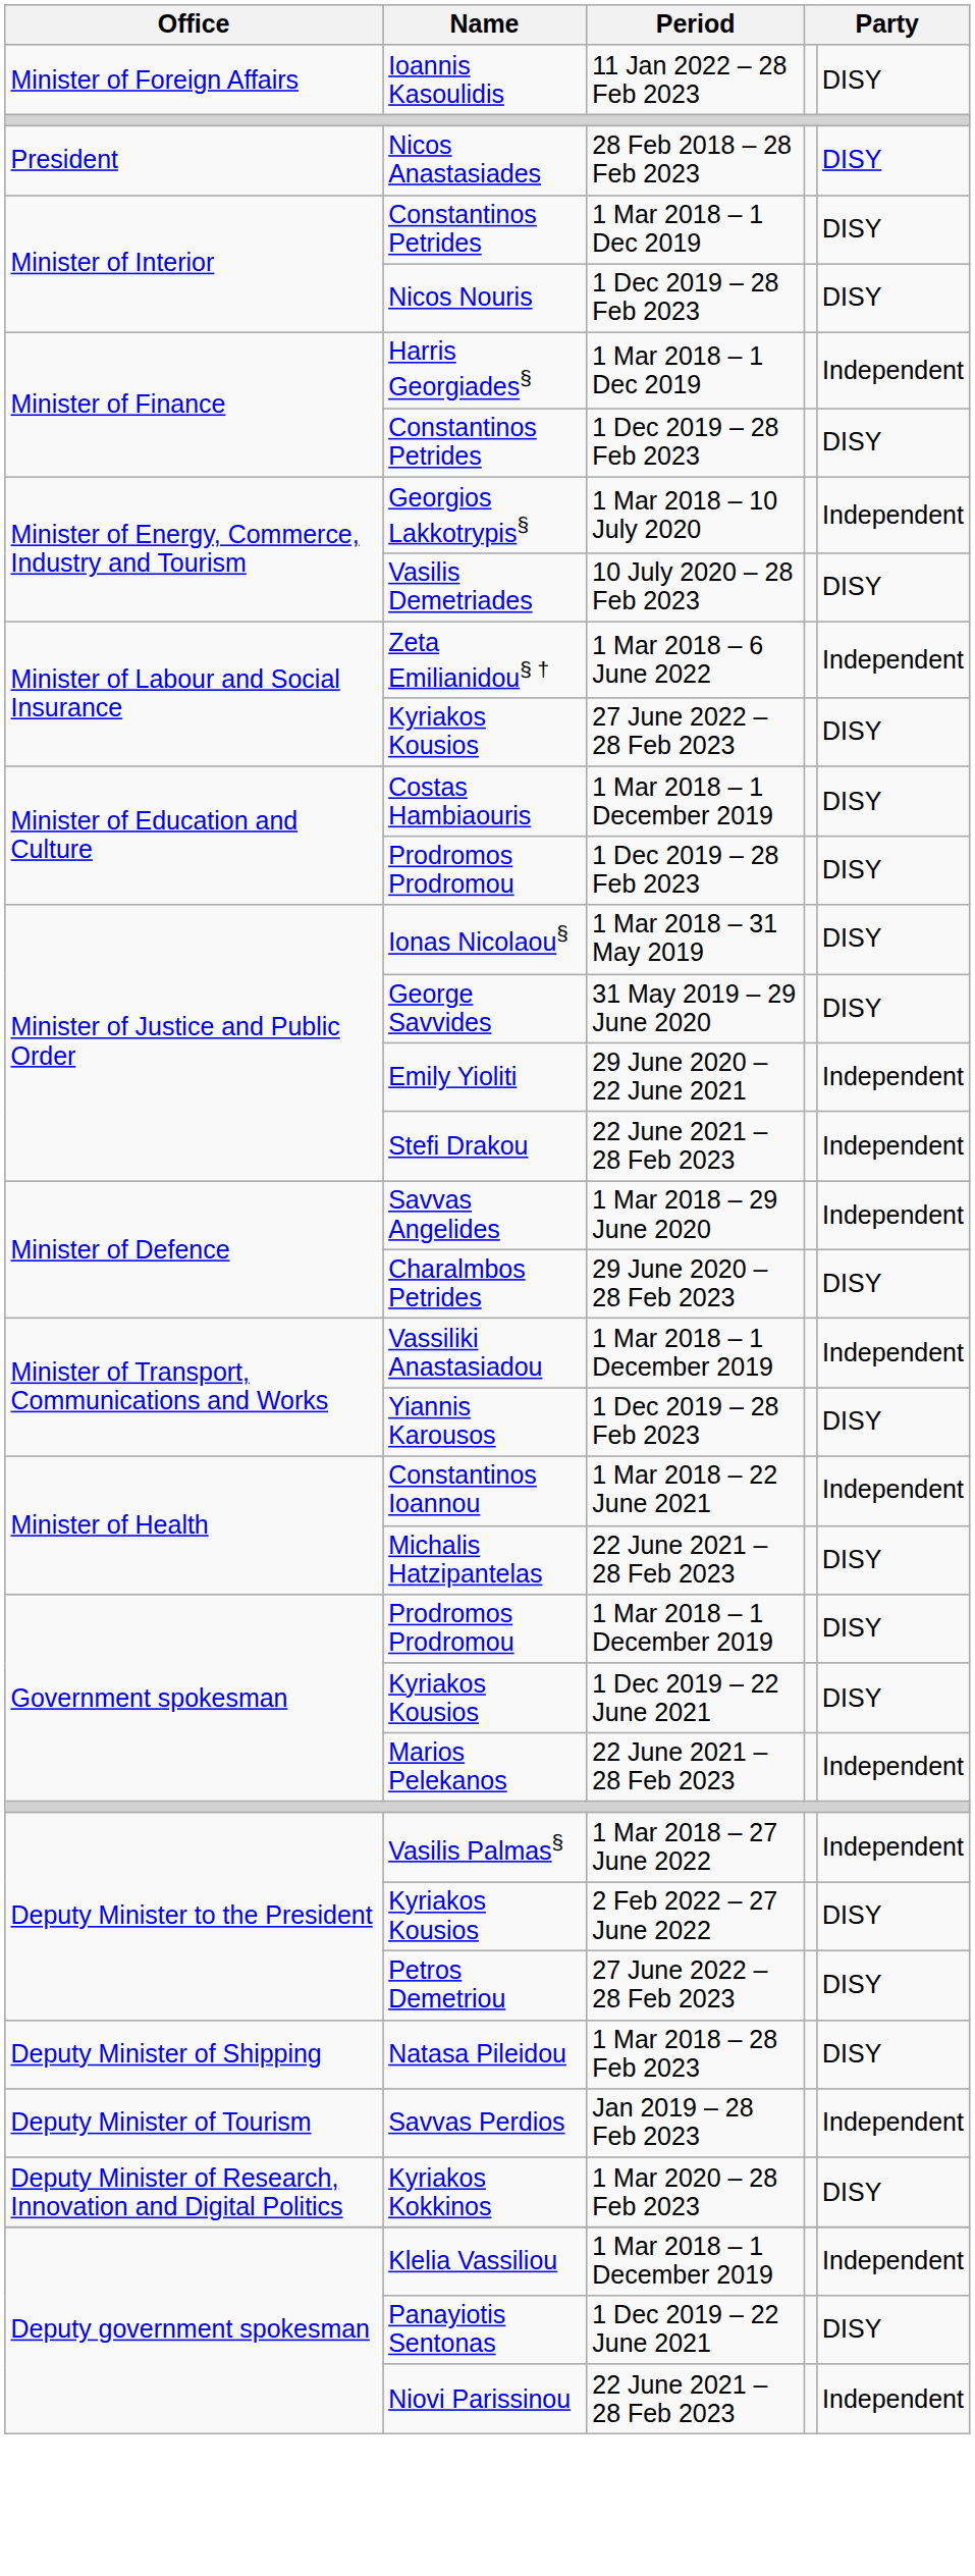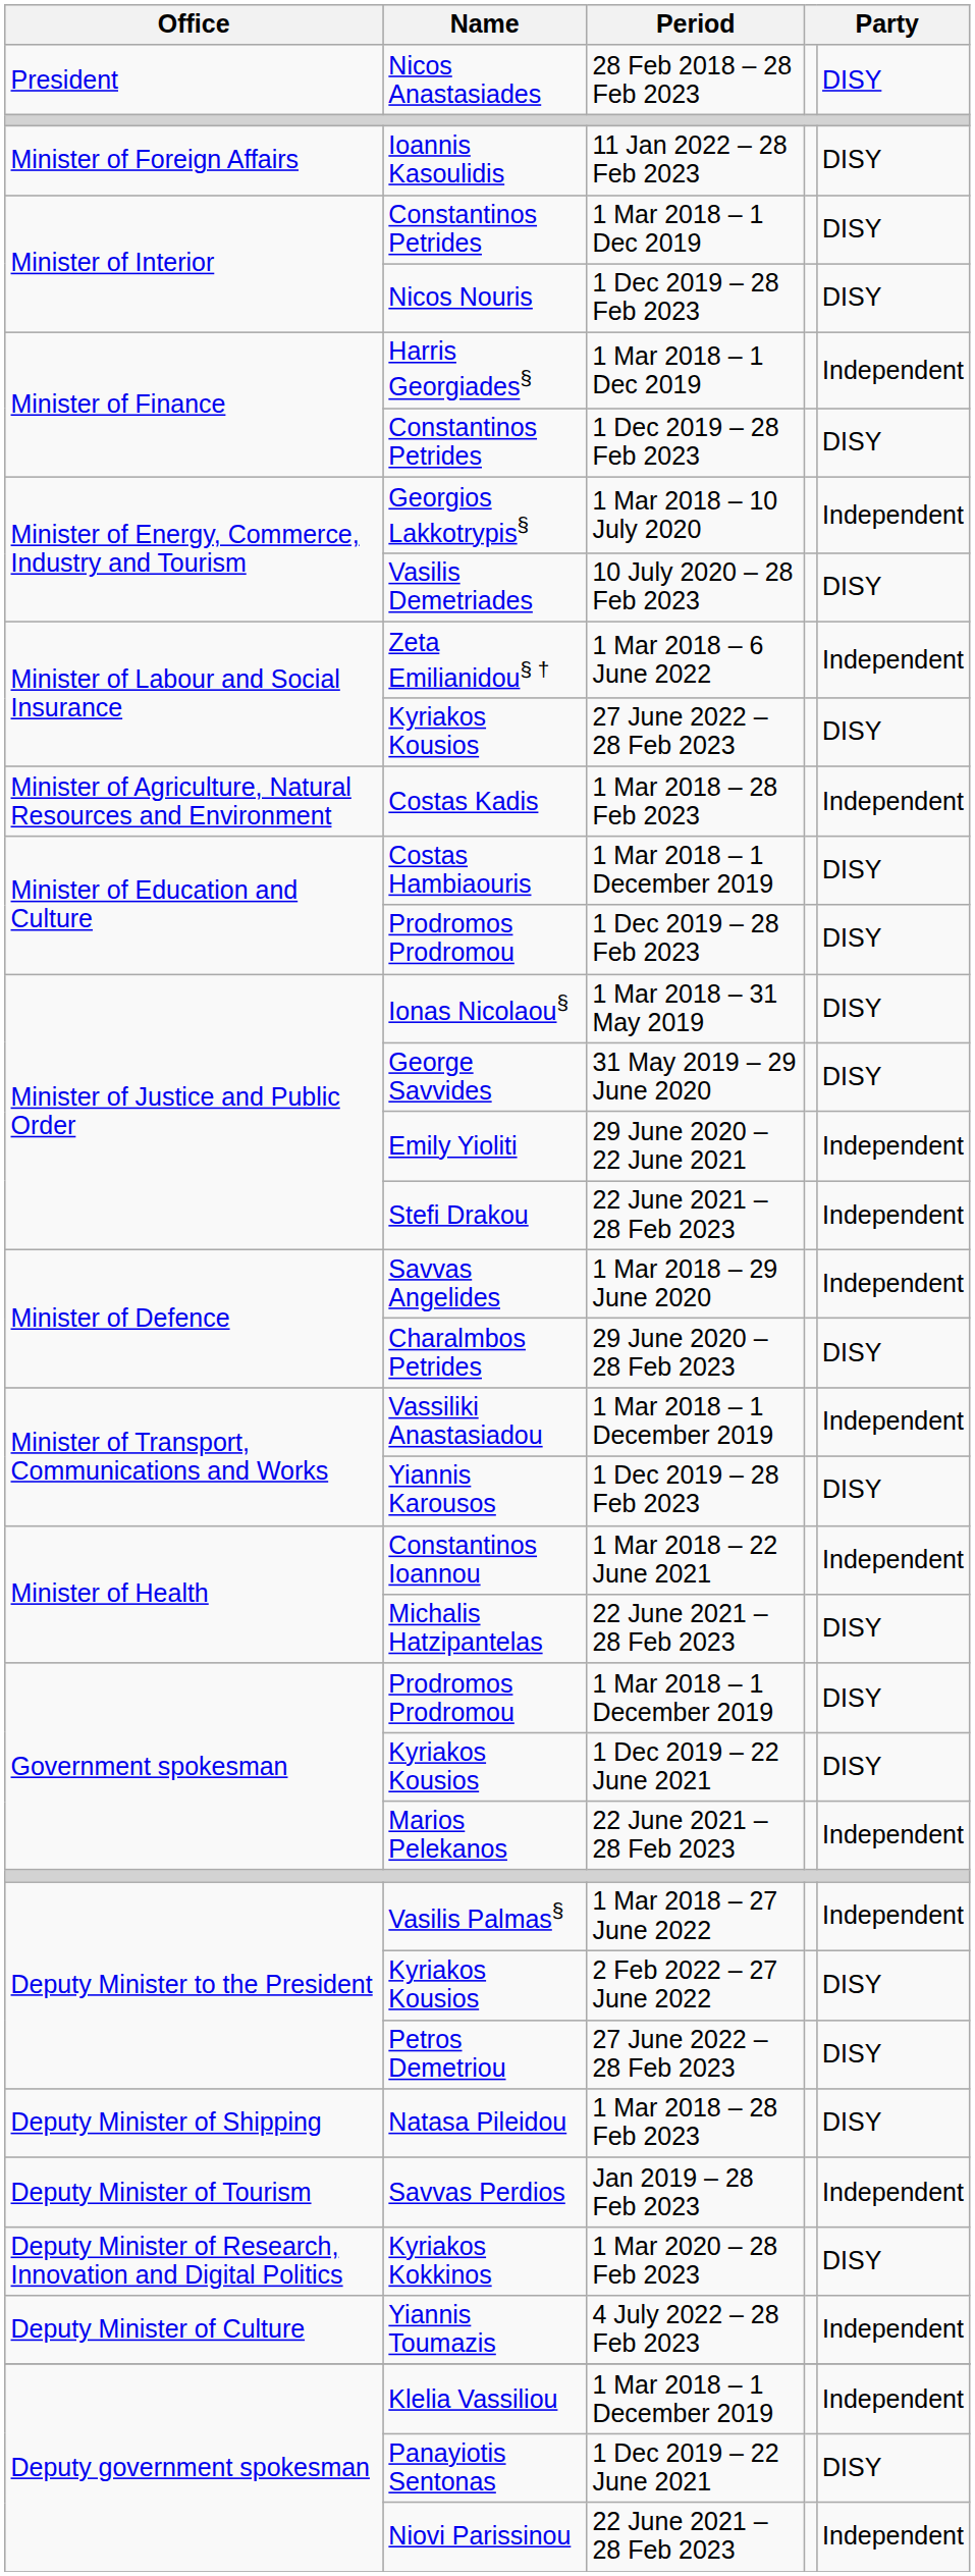 <table class="wikitable">
 <tr>
 <th>Office</th>
 <th>Name</th>
 <th>Period</th>
 <th colspan="2">Party</th>
 </tr>
 <tr>
+<td><a href='#'>President</a></td>
+<td><a href='#'>Nicos Anastasiades</a></td>
+<td>28 Feb 2018 – 28 Feb 2023</td>
+<td style="background-color: "></td>
+<td><a href='#'>DISY</a></td>
+</tr>
+<tr>
+<td colspan="5" style="background:lightgrey;"></td>
+</tr>
+<tr>
 <td><a href='#'>Minister of Foreign Affairs</a></td>
 <td><a href='#'>Ioannis Kasoulidis</a></td>
 <td>11 Jan 2022 – 28 Feb 2023</td>
 <td style="background-color: "></td>
 <td>DISY</td>
-</tr>
-<tr>
-<td colspan="5" style="background:lightgrey;"></td>
-</tr>
-<tr>
-<td><a href='#'>President</a></td>
-<td><a href='#'>Nicos Anastasiades</a></td>
-<td>28 Feb 2018 – 28 Feb 2023</td>
-<td style="background-color: "></td>
-<td><a href='#'>DISY</a></td>
 </tr>
 <tr>
 <td rowspan="2"><a href='#'>Minister of Interior</a></td>
 <td><a href='#'>Constantinos Petrides</a></td>
 <td>1 Mar 2018 – 1 Dec 2019</td>
 <td style="background-color: "></td>
 <td>DISY</td>
 </tr>
 <tr>
 <td><a href='#'>Nicos Nouris</a></td>
 <td>1 Dec 2019 – 28 Feb 2023</td>
 <td style="background-color: "></td>
 <td>DISY</td>
 </tr>
 <tr>
 <td rowspan="2"><a href='#'>Minister of Finance</a></td>
 <td><a href='#'>Harris Georgiades</a><sup>§</sup></td>
 <td>1 Mar 2018 – 1 Dec 2019</td>
 <td style="background-color: "></td>
 <td>Independent</td>
 </tr>
 <tr>
 <td><a href='#'>Constantinos Petrides</a></td>
 <td>1 Dec 2019 – 28 Feb 2023</td>
 <td style="background-color: "></td>
 <td>DISY</td>
 </tr>
 <tr>
 <td rowspan="2"><a href='#'>Minister of Energy, Commerce, Industry and Tourism</a></td>
 <td><a href='#'>Georgios Lakkotrypis</a><sup>§</sup></td>
 <td>1 Mar 2018 – 10 July 2020</td>
 <td style="background-color:"></td>
 <td>Independent</td>
 </tr>
 <tr>
 <td><a href='#'>Vasilis Demetriades</a></td>
 <td>10 July 2020 – 28 Feb 2023</td>
 <td style="background-color: "></td>
 <td>DISY</td>
 </tr>
 <tr>
 <td rowspan="2"><a href='#'>Minister of Labour and Social Insurance</a></td>
 <td><a href='#'>Zeta Emilianidou</a><sup>§ †</sup></td>
 <td>1 Mar 2018 – 6 June 2022</td>
 <td style="background-color:"></td>
 <td>Independent</td>
 </tr>
 <tr>
 <td><a href='#'>Kyriakos Kousios</a></td>
 <td>27 June 2022 – 28 Feb 2023</td>
 <td style="background-color: "></td>
 <td>DISY</td>
+</tr>
+<tr>
+<td><a href='#'>Minister of Agriculture, Natural Resources and Environment</a></td>
+<td><a href='#'>Costas Kadis</a></td>
+<td>1 Mar 2018 – 28 Feb 2023</td>
+<td style="background-color:"></td>
+<td>Independent</td>
 </tr>
 <tr>
 <td rowspan="2"><a href='#'>Minister of Education and Culture</a></td>
 <td><a href='#'>Costas Hambiaouris</a></td>
 <td>1 Mar 2018 – 1 December 2019</td>
 <td style="background-color:"></td>
 <td>DISY</td>
 </tr>
 <tr>
 <td><a href='#'>Prodromos Prodromou</a></td>
 <td>1 Dec 2019 – 28 Feb 2023</td>
 <td style="background-color: "></td>
 <td>DISY</td>
 </tr>
 <tr>
 <td rowspan="4"><a href='#'>Minister of Justice and Public Order</a></td>
 <td><a href='#'>Ionas Nicolaou</a><sup>§</sup></td>
 <td>1 Mar 2018 – 31 May 2019</td>
 <td style="background-color: "></td>
 <td>DISY</td>
 </tr>
 <tr>
 <td><a href='#'>George Savvides</a></td>
 <td>31 May 2019 – 29 June 2020</td>
 <td style="background-color:"></td>
 <td>DISY</td>
 </tr>
 <tr>
 <td><a href='#'>Emily Yioliti</a></td>
 <td>29 June 2020 – 22 June 2021</td>
 <td style="background-color: "></td>
 <td>Independent</td>
 </tr>
 <tr>
 <td><a href='#'>Stefi Drakou</a></td>
 <td>22 June 2021 – 28 Feb 2023</td>
 <td style="background-color:"></td>
 <td>Independent</td>
 </tr>
 <tr>
 <td rowspan="2"><a href='#'>Minister of Defence</a></td>
 <td><a href='#'>Savvas Angelides</a></td>
 <td>1 Mar 2018 – 29 June 2020</td>
 <td style="background-color:"></td>
 <td>Independent</td>
 </tr>
 <tr>
 <td><a href='#'>Charalmbos Petrides</a></td>
 <td>29 June 2020 – 28 Feb 2023</td>
 <td style="background-color: "></td>
 <td>DISY</td>
 </tr>
 <tr>
 <td rowspan="2"><a href='#'>Minister of Transport, Communications and Works</a></td>
 <td><a href='#'>Vassiliki Anastasiadou</a></td>
 <td>1 Mar 2018 – 1 December 2019</td>
 <td style="background-color:"></td>
 <td>Independent</td>
 </tr>
 <tr>
 <td><a href='#'>Yiannis Karousos</a></td>
 <td>1 Dec 2019 – 28 Feb 2023</td>
 <td style="background-color: "></td>
 <td>DISY</td>
 </tr>
 <tr>
 <td rowspan="2"><a href='#'>Minister of Health</a></td>
 <td><a href='#'>Constantinos Ioannou</a></td>
 <td>1 Mar 2018 – 22 June 2021</td>
 <td style="background-color:"></td>
 <td>Independent</td>
 </tr>
 <tr>
 <td><a href='#'>Michalis Hatzipantelas</a></td>
 <td>22 June 2021 – 28 Feb 2023</td>
 <td style="background-color: "></td>
 <td>DISY</td>
 </tr>
 <tr>
 <td rowspan="3"><a href='#'>Government spokesman</a></td>
 <td><a href='#'>Prodromos Prodromou</a></td>
 <td>1 Mar 2018 – 1 December 2019</td>
 <td style="background-color: "></td>
 <td>DISY</td>
 </tr>
 <tr>
 <td><a href='#'>Kyriakos Kousios</a></td>
 <td>1 Dec 2019 – 22 June 2021</td>
 <td style="background-color: "></td>
 <td>DISY</td>
 </tr>
 <tr>
 <td><a href='#'>Marios Pelekanos</a></td>
 <td>22 June 2021 – 28 Feb 2023</td>
 <td style="background-color: "></td>
 <td>Independent</td>
 </tr>
 <tr>
 <td colspan="5" style="background:lightgrey;"></td>
 </tr>
 <tr>
 <td rowspan="3"><a href='#'>Deputy Minister to the President</a></td>
 <td><a href='#'>Vasilis Palmas</a><sup>§</sup></td>
 <td>1 Mar 2018 – 27 June 2022</td>
 <td style="background-color:"></td>
 <td>Independent</td>
 </tr>
 <tr>
 <td><a href='#'>Kyriakos Kousios</a></td>
 <td>2 Feb 2022 – 27 June 2022</td>
 <td style="background-color: "></td>
 <td>DISY</td>
 </tr>
 <tr>
 <td><a href='#'>Petros Demetriou</a></td>
 <td>27 June 2022 – 28 Feb 2023</td>
 <td style="background-color: "></td>
 <td>DISY</td>
 </tr>
 <tr>
 <td><a href='#'>Deputy Minister of Shipping</a></td>
 <td><a href='#'>Natasa Pileidou</a></td>
 <td>1 Mar 2018 – 28 Feb 2023</td>
 <td style="background-color: "></td>
 <td>DISY</td>
 </tr>
 <tr>
 <td><a href='#'>Deputy Minister of Tourism</a></td>
 <td><a href='#'>Savvas Perdios</a></td>
 <td>Jan 2019 – 28 Feb 2023</td>
 <td style="background-color:"></td>
 <td>Independent</td>
 </tr>
 <tr>
 <td><a href='#'>Deputy Minister of Research, Innovation and Digital Politics</a></td>
 <td><a href='#'>Kyriakos Kokkinos</a></td>
 <td>1 Mar 2020 – 28 Feb 2023</td>
 <td style="background-color: "></td>
 <td>DISY</td>
 </tr>
 <tr>
+<td><a href='#'>Deputy Minister of Culture</a></td>
+<td><a href='#'>Yiannis Toumazis</a></td>
+<td>4 July 2022 – 28 Feb 2023</td>
+<td style="background-color:"></td>
+<td>Independent</td>
+</tr>
+<tr>
 </tr>
 <tr>
 <td rowspan="3"><a href='#'>Deputy government spokesman</a></td>
 <td><a href='#'>Klelia Vassiliou</a></td>
 <td>1 Mar 2018 – 1 December 2019</td>
 <td style="background-color:"></td>
 <td>Independent</td>
 </tr>
 <tr>
 <td><a href='#'>Panayiotis Sentonas</a></td>
 <td>1 Dec 2019 – 22 June 2021</td>
 <td style="background-color: "></td>
 <td>DISY</td>
 </tr>
 <tr>
 <td><a href='#'>Niovi Parissinou</a></td>
 <td>22 June 2021 – 28 Feb 2023</td>
 <td style="background-color:"></td>
 <td>Independent</td>
 </tr>
 <tr>
 </tr>
 </table>
